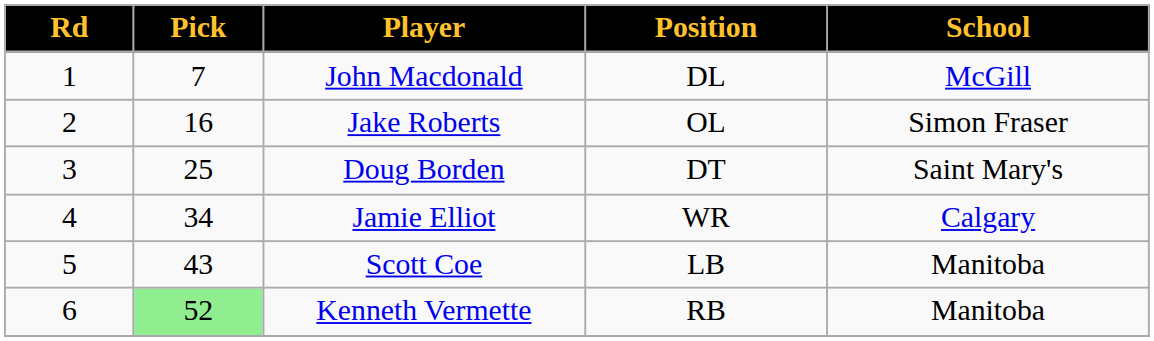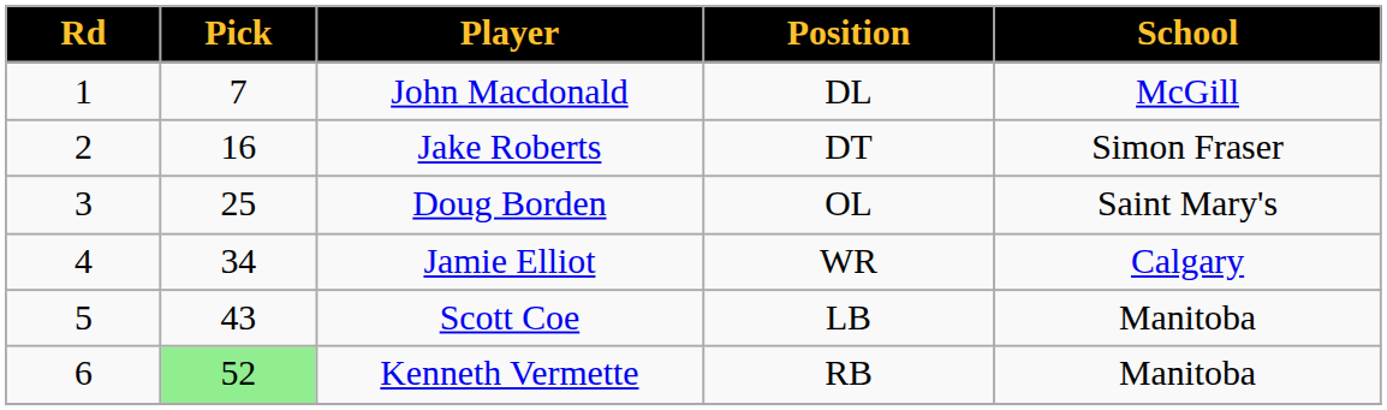 <table class="wikitable sortable">
 <tr>
 <th style="background:#000000;color:#FFC12D;"  width="8%">Rd</th>
 <th style="background:#000000;color:#FFC12D;"  width="8%">Pick</th>
 <th style="background:#000000;color:#FFC12D;"  width="20%">Player</th>
 <th style="background:#000000;color:#FFC12D;"  width="15%">Position</th>
 <th style="background:#000000;color:#FFC12D;"  width="20%">School</th>
 </tr>
 <tr align="center">
 <td align=center>1</td>
 <td>7</td>
 <td><a href='#'>John Macdonald</a></td>
 <td>DL</td>
 <td><a href='#'>McGill</a></td>
 </tr>
 <tr align="center">
 <td align=center>2</td>
 <td>16</td>
 <td><a href='#'>Jake Roberts</a></td>
-<td>OL</td>
+<td>DT</td>
 <td>Simon Fraser</td>
 </tr>
 <tr align="center">
 <td align=center>3</td>
 <td>25</td>
 <td><a href='#'>Doug Borden</a></td>
-<td>DT</td>
+<td>OL</td>
 <td>Saint Mary's</td>
 </tr>
 <tr align="center">
 <td align=center>4</td>
 <td>34</td>
 <td><a href='#'>Jamie Elliot</a></td>
 <td>WR</td>
 <td><a href='#'>Calgary</a></td>
 </tr>
 <tr align="center">
 <td align=center>5</td>
 <td>43</td>
 <td><a href='#'>Scott Coe</a></td>
 <td>LB</td>
 <td>Manitoba</td>
 </tr>
 <tr align="center">
 <td align=center>6</td>
 <td style="background: lightgreen;">52</td>
 <td><a href='#'>Kenneth Vermette</a></td>
 <td>RB</td>
 <td>Manitoba</td>
 </tr>
 <tr>
 </tr>
 </table>
